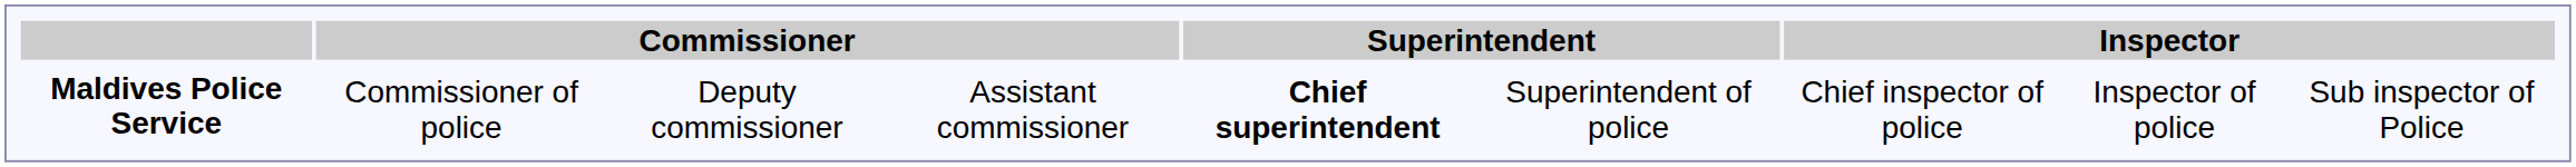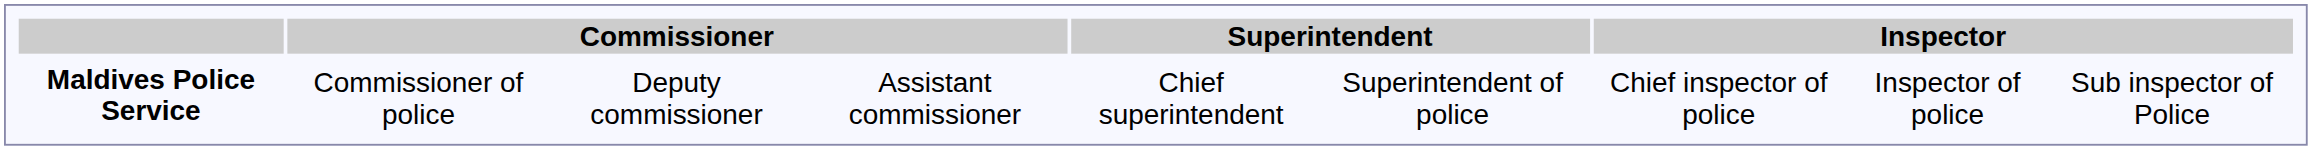 <table style="border:1px solid #8888aa; background-color:#f7f8ff; padding:5px; font-size:95%; margin: 0px 12px 12px 0px;">
 <tr style="background-color:#CCCCCC;">
 <th></th>
 <th colspan=3>Commissioner</th>
 <th colspan=2>Superintendent</th>
 <th colspan=5>Inspector</th>
 </tr>
 <tr style="text-align:center;">
 <td rowspan=2> <strong>Maldives Police Service</strong></td>
 <td></td>
 <td></td>
 <td></td>
 <td></td>
 <td></td>
 <td></td>
 <td></td>
 <td></td>
 </tr>
 <tr style="text-align:center;">
 <td>Commissioner of police</td>
 <td>Deputy commissioner</td>
 <td>Assistant commissioner</td>
-<td><strong>Chief superintendent</strong></td>
+<td>Chief superintendent</td>
 <td>Superintendent of police</td>
 <td>Chief inspector of police</td>
 <td>Inspector of police</td>
 <td>Sub inspector of Police</td>
 </tr>
 </table>
